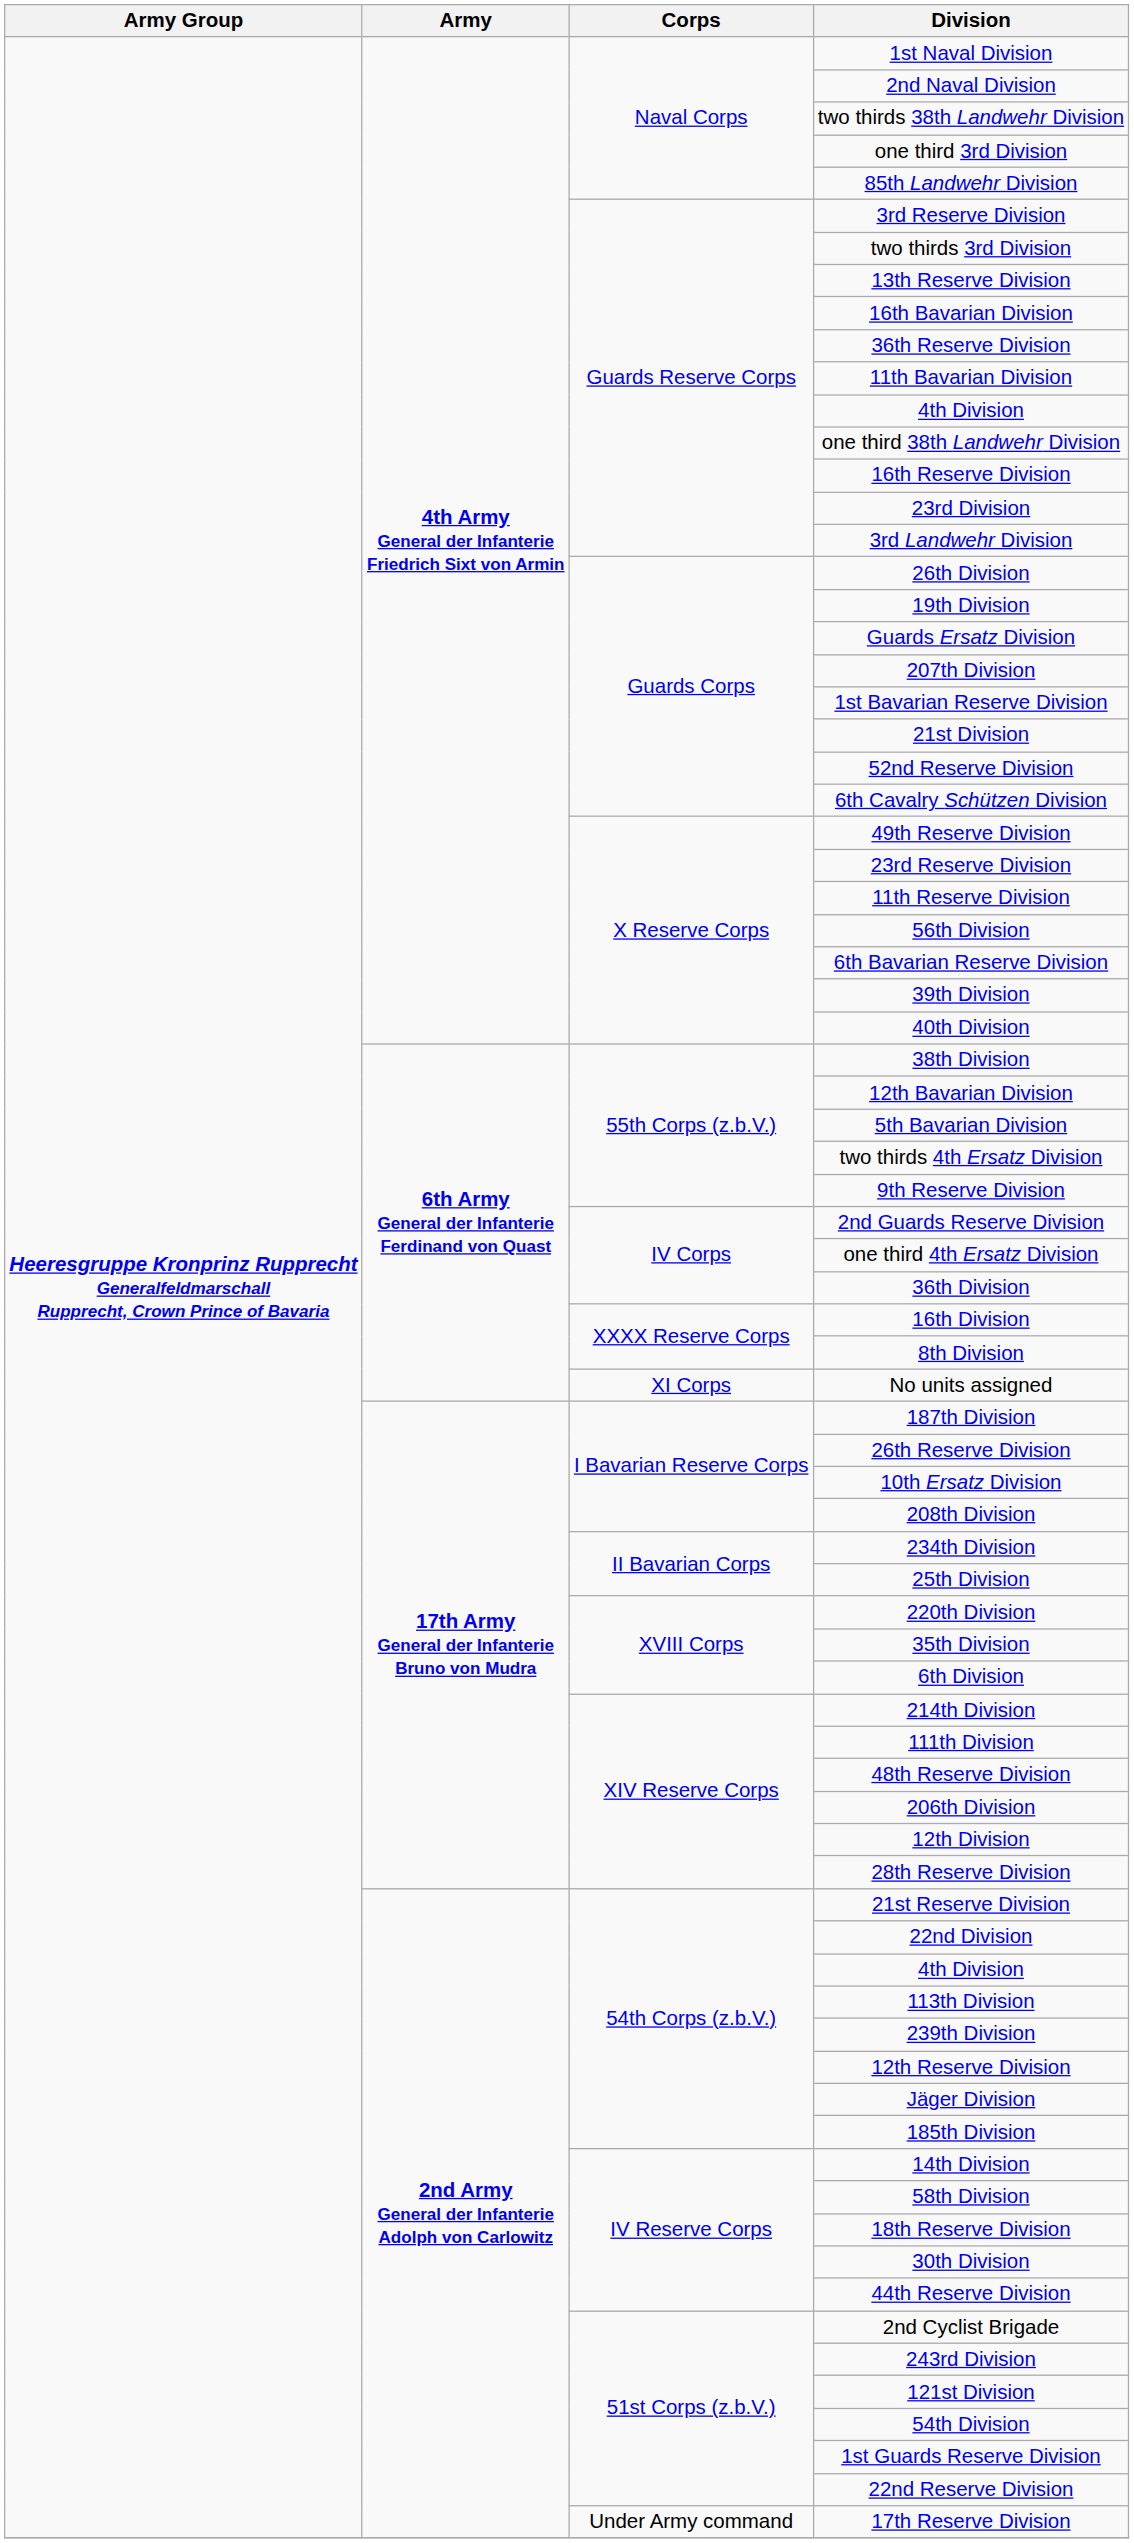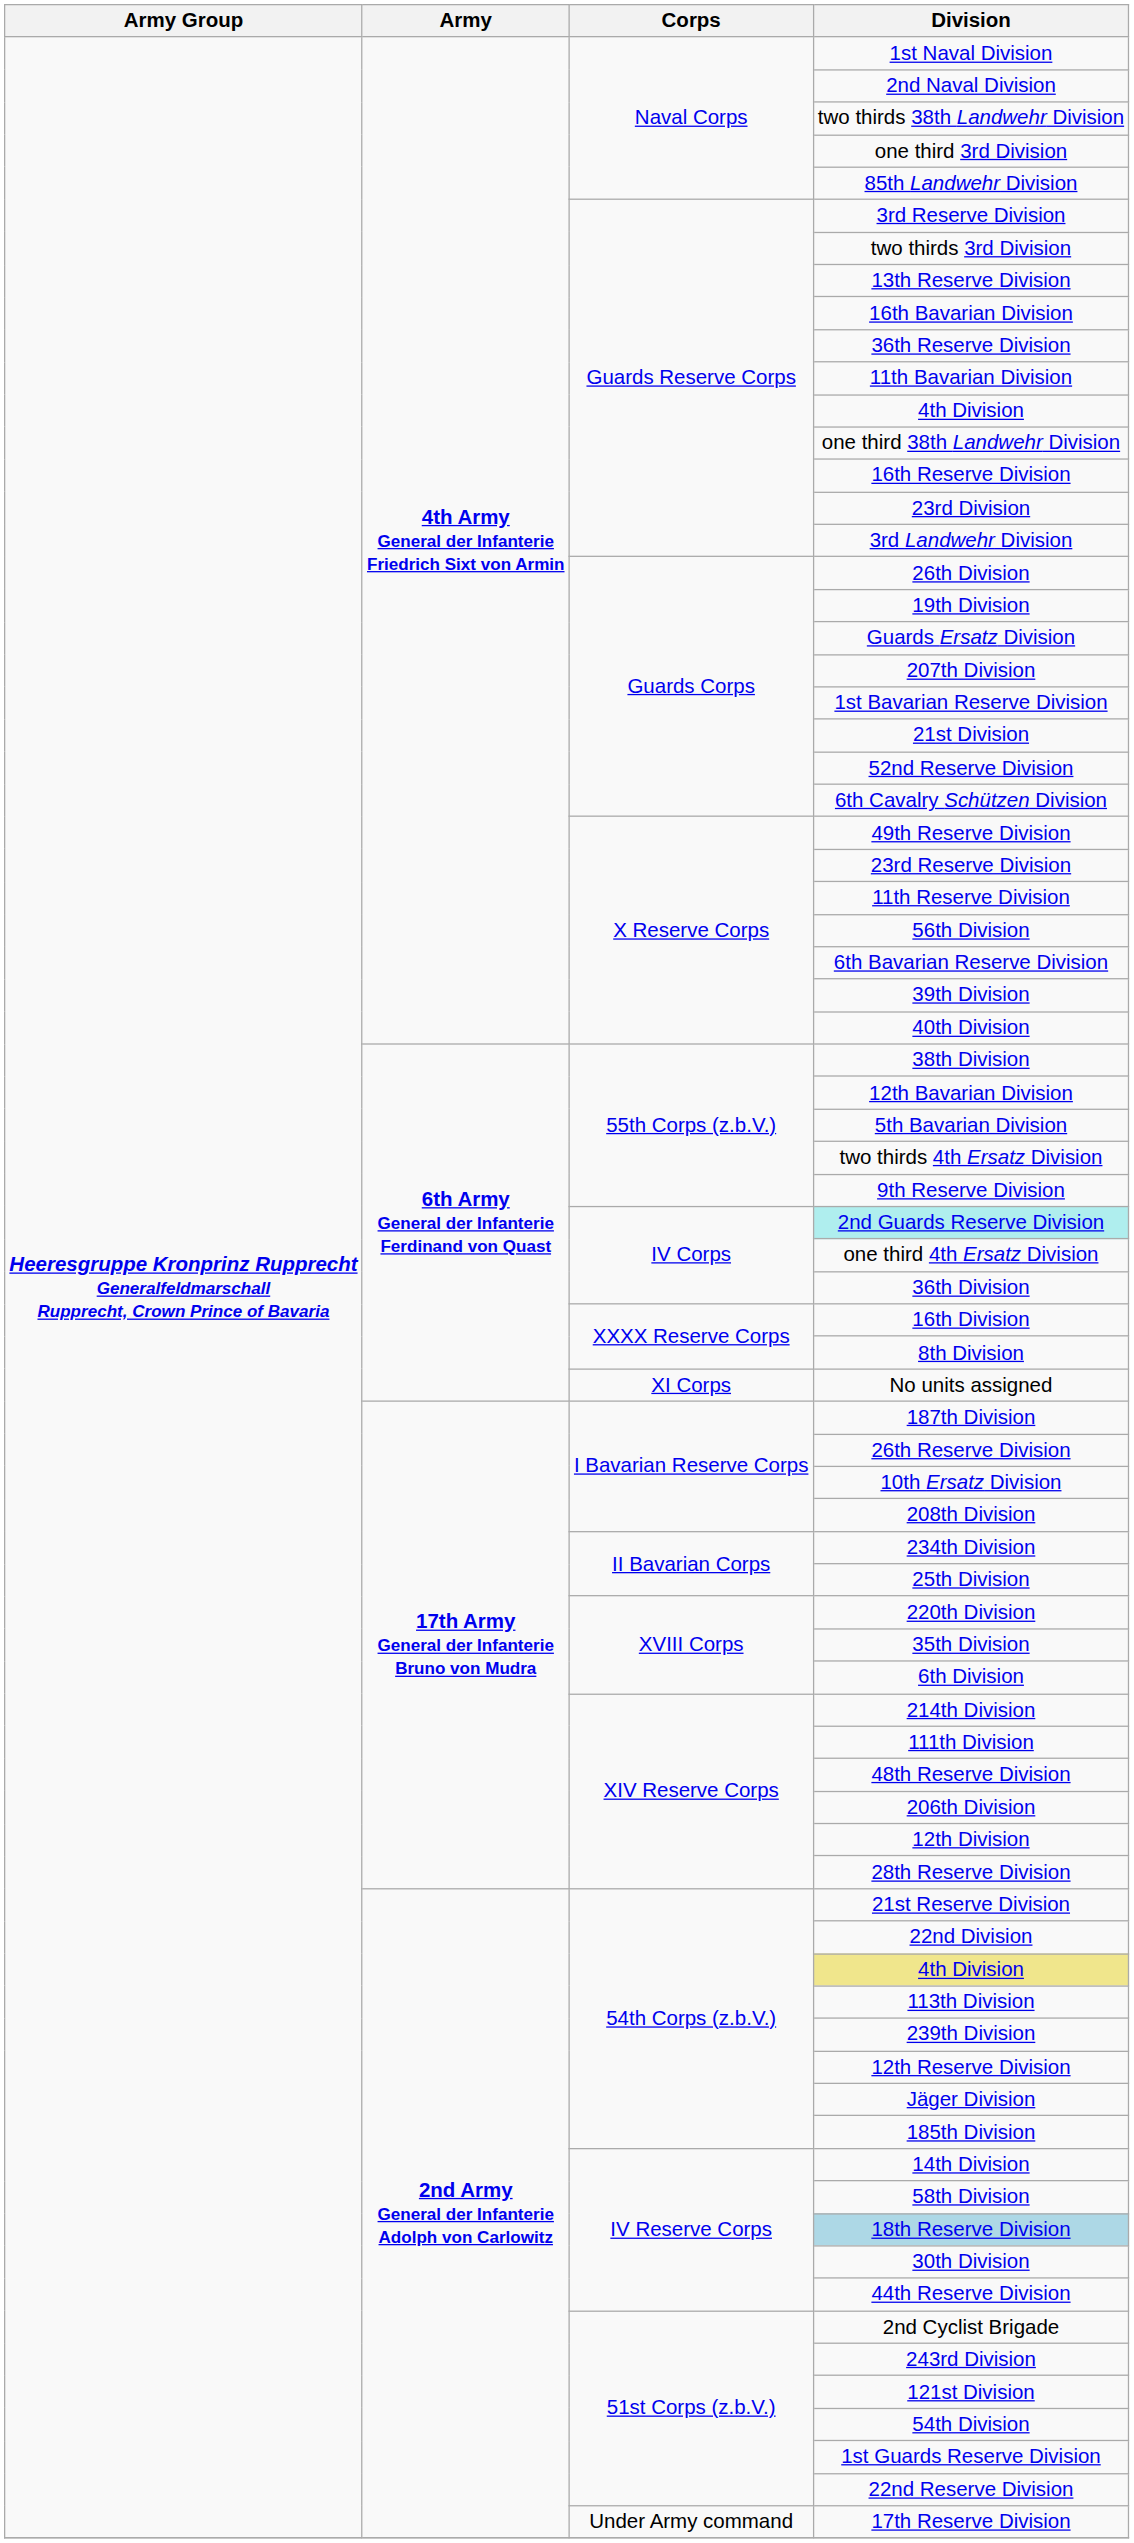 <table class="wikitable" style="text-align:center;">
 <tr>
 <th>Army Group</th>
 <th>Army</th>
 <th>Corps</th>
 <th>Division</th>
 </tr>
 <tr>
 <td ROWSPAN=77><strong><em><a href='#'>Heeresgruppe Kronprinz Rupprecht</a><br><small><a href='#'>Generalfeldmarschall</a><br><a href='#'>Rupprecht, Crown Prince of Bavaria</a></small></em></strong></td>
 <td ROWSPAN=31><strong><a href='#'>4th Army</a><br><small><a href='#'>General der Infanterie</a><br><a href='#'>Friedrich Sixt von Armin</a></small></strong></td>
 <td ROWSPAN=5><a href='#'>Naval Corps</a></td>
 <td><a href='#'>1st Naval Division</a></td>
 </tr>
 <tr>
 <td><a href='#'>2nd Naval Division</a></td>
 </tr>
 <tr>
 <td>two thirds <a href='#'>38th <em>Landwehr</em> Division</a></td>
 </tr>
 <tr>
 <td>one third <a href='#'>3rd Division</a></td>
 </tr>
 <tr>
 <td><a href='#'>85th <em>Landwehr</em> Division</a></td>
 </tr>
 <tr>
 <td ROWSPAN=11><a href='#'>Guards Reserve Corps</a></td>
 <td><a href='#'>3rd Reserve Division</a></td>
 </tr>
 <tr>
 <td>two thirds <a href='#'>3rd Division</a></td>
 </tr>
 <tr>
 <td><a href='#'>13th Reserve Division</a></td>
 </tr>
 <tr>
 <td><a href='#'>16th Bavarian Division</a></td>
 </tr>
 <tr>
 <td><a href='#'>36th Reserve Division</a></td>
 </tr>
 <tr>
 <td><a href='#'>11th Bavarian Division</a></td>
 </tr>
 <tr>
 <td><a href='#'>4th Division</a></td>
 </tr>
 <tr>
 <td>one third <a href='#'>38th <em>Landwehr</em> Division</a></td>
 </tr>
 <tr>
 <td><a href='#'>16th Reserve Division</a></td>
 </tr>
 <tr>
 <td><a href='#'>23rd Division</a></td>
 </tr>
 <tr>
 <td><a href='#'>3rd <em>Landwehr</em> Division</a></td>
 </tr>
 <tr>
 <td ROWSPAN=8><a href='#'>Guards Corps</a></td>
 <td><a href='#'>26th Division</a></td>
 </tr>
 <tr>
 <td><a href='#'>19th Division</a></td>
 </tr>
 <tr>
 <td><a href='#'>Guards <em>Ersatz</em> Division</a></td>
 </tr>
 <tr>
 <td><a href='#'>207th Division</a></td>
 </tr>
 <tr>
 <td><a href='#'>1st Bavarian Reserve Division</a></td>
 </tr>
 <tr>
 <td><a href='#'>21st Division</a></td>
 </tr>
 <tr>
 <td><a href='#'>52nd Reserve Division</a></td>
 </tr>
 <tr>
 <td><a href='#'>6th Cavalry <em>Schützen</em> Division</a></td>
 </tr>
 <tr>
 <td ROWSPAN=7><a href='#'>X Reserve Corps</a></td>
 <td><a href='#'>49th Reserve Division</a></td>
 </tr>
 <tr>
 <td><a href='#'>23rd Reserve Division</a></td>
 </tr>
 <tr>
 <td><a href='#'>11th Reserve Division</a></td>
 </tr>
 <tr>
 <td><a href='#'>56th Division</a></td>
 </tr>
 <tr>
 <td><a href='#'>6th Bavarian Reserve Division</a></td>
 </tr>
 <tr>
 <td><a href='#'>39th Division</a></td>
 </tr>
 <tr>
 <td><a href='#'>40th Division</a></td>
 </tr>
 <tr>
 <td ROWSPAN=11><strong><a href='#'>6th Army</a><br><small><a href='#'>General der Infanterie</a><br><a href='#'>Ferdinand von Quast</a></small></strong></td>
 <td ROWSPAN=5><a href='#'>55th Corps (z.b.V.)</a></td>
 <td><a href='#'>38th Division</a></td>
 </tr>
 <tr>
 <td><a href='#'>12th Bavarian Division</a></td>
 </tr>
 <tr>
 <td><a href='#'>5th Bavarian Division</a></td>
 </tr>
 <tr>
 <td>two thirds <a href='#'>4th <em>Ersatz</em> Division</a></td>
 </tr>
 <tr>
 <td><a href='#'>9th Reserve Division</a></td>
 </tr>
 <tr>
 <td ROWSPAN=3><a href='#'>IV Corps</a></td>
-<td><a href='#'>2nd Guards Reserve Division</a></td>
+<td style="background: paleturquoise;"><a href='#'>2nd Guards Reserve Division</a></td>
 </tr>
 <tr>
 <td>one third <a href='#'>4th <em>Ersatz</em> Division</a></td>
 </tr>
 <tr>
 <td><a href='#'>36th Division</a></td>
 </tr>
 <tr>
 <td ROWSPAN=2><a href='#'>XXXX Reserve Corps</a></td>
 <td><a href='#'>16th Division</a></td>
 </tr>
 <tr>
 <td><a href='#'>8th Division</a></td>
 </tr>
 <tr>
 <td ROWSPAN=1><a href='#'>XI Corps</a></td>
 <td>No units assigned</td>
 </tr>
 <tr>
 <td ROWSPAN=15><strong><a href='#'>17th Army</a><br><small><a href='#'>General der Infanterie</a><br><a href='#'>Bruno von Mudra</a></small></strong></td>
 <td ROWSPAN=4><a href='#'>I Bavarian Reserve Corps</a></td>
 <td><a href='#'>187th Division</a></td>
 </tr>
 <tr>
 <td><a href='#'>26th Reserve Division</a></td>
 </tr>
 <tr>
 <td><a href='#'>10th <em>Ersatz</em> Division</a></td>
 </tr>
 <tr>
 <td><a href='#'>208th Division</a></td>
 </tr>
 <tr>
 <td ROWSPAN=2><a href='#'>II Bavarian Corps</a></td>
 <td><a href='#'>234th Division</a></td>
 </tr>
 <tr>
 <td><a href='#'>25th Division</a></td>
 </tr>
 <tr>
 <td ROWSPAN=3><a href='#'>XVIII Corps</a></td>
 <td><a href='#'>220th Division</a></td>
 </tr>
 <tr>
 <td><a href='#'>35th Division</a></td>
 </tr>
 <tr>
 <td><a href='#'>6th Division</a></td>
 </tr>
 <tr>
 <td ROWSPAN=6><a href='#'>XIV Reserve Corps</a></td>
 <td><a href='#'>214th Division</a></td>
 </tr>
 <tr>
 <td><a href='#'>111th Division</a></td>
 </tr>
 <tr>
 <td><a href='#'>48th Reserve Division</a></td>
 </tr>
 <tr>
 <td><a href='#'>206th Division</a></td>
 </tr>
 <tr>
 <td><a href='#'>12th Division</a></td>
 </tr>
 <tr>
 <td><a href='#'>28th Reserve Division</a></td>
 </tr>
 <tr>
 <td ROWSPAN=20><strong><a href='#'>2nd Army</a><br><small><a href='#'>General der Infanterie</a><br><a href='#'>Adolph von Carlowitz</a></small></strong></td>
 <td ROWSPAN=8><a href='#'>54th Corps (z.b.V.)</a></td>
 <td><a href='#'>21st Reserve Division</a></td>
 </tr>
 <tr>
 <td><a href='#'>22nd Division</a></td>
 </tr>
 <tr>
-<td><a href='#'>4th Division</a></td>
+<td style="background: khaki;"><a href='#'>4th Division</a></td>
 </tr>
 <tr>
 <td><a href='#'>113th Division</a></td>
 </tr>
 <tr>
 <td><a href='#'>239th Division</a></td>
 </tr>
 <tr>
 <td><a href='#'>12th Reserve Division</a></td>
 </tr>
 <tr>
 <td><a href='#'>Jäger Division</a></td>
 </tr>
 <tr>
 <td><a href='#'>185th Division</a></td>
 </tr>
 <tr>
 <td ROWSPAN=5><a href='#'>IV Reserve Corps</a></td>
 <td><a href='#'>14th Division</a></td>
 </tr>
 <tr>
 <td><a href='#'>58th Division</a></td>
 </tr>
 <tr>
-<td><a href='#'>18th Reserve Division</a></td>
+<td style="background: lightblue;"><a href='#'>18th Reserve Division</a></td>
 </tr>
 <tr>
 <td><a href='#'>30th Division</a></td>
 </tr>
 <tr>
 <td><a href='#'>44th Reserve Division</a></td>
 </tr>
 <tr>
 <td ROWSPAN=6><a href='#'>51st Corps (z.b.V.)</a></td>
 <td>2nd Cyclist Brigade</td>
 </tr>
 <tr>
 <td><a href='#'>243rd Division</a></td>
 </tr>
 <tr>
 <td><a href='#'>121st Division</a></td>
 </tr>
 <tr>
 <td><a href='#'>54th Division</a></td>
 </tr>
 <tr>
 <td><a href='#'>1st Guards Reserve Division</a></td>
 </tr>
 <tr>
 <td><a href='#'>22nd Reserve Division</a></td>
 </tr>
 <tr>
 <td ROWSPAN=1>Under Army command</td>
 <td><a href='#'>17th Reserve Division</a></td>
 </tr>
 <tr>
 </tr>
 </table>
